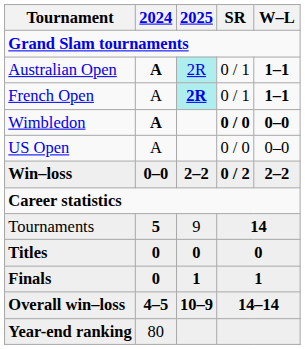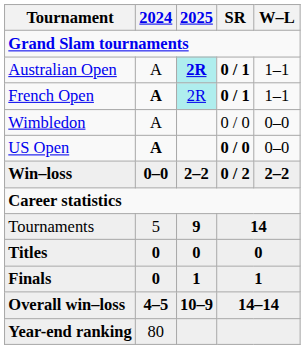 <table class=wikitable style=text-align:center>
 <tr>
 <th>Tournament</th>
 <th><a href='#'>2024</a></th>
 <th><a href='#'>2025</a></th>
 <th>SR</th>
 <th width=38>W–L</th>
 </tr>
 <tr>
 <td colspan="6" align="left"><strong><a href='#'>Grand Slam tournaments</a></strong></td>
 </tr>
 <tr>
 <td align=left><a href='#'>Australian Open</a></td>
-<td><strong>A</strong></td>
-<td bgcolor=afeeee><a href='#'>2R</a></td>
-<td>0 / 1</td>
-<td><strong>1–1</strong></td>
+<td>A</td>
+<td bgcolor=afeeee><strong><a href='#'>2R</a></strong></td>
+<td><strong>0 / 1</strong></td>
+<td>1–1</td>
 </tr>
 <tr>
 <td align=left><a href='#'>French Open</a></td>
-<td>A</td>
-<td bgcolor=afeeee><strong><a href='#'>2R</a></strong></td>
-<td>0 / 1</td>
-<td><strong>1–1</strong></td>
+<td><strong>A</strong></td>
+<td bgcolor=afeeee><a href='#'>2R</a></td>
+<td><strong>0 / 1</strong></td>
+<td>1–1</td>
 </tr>
 <tr>
 <td align=left><a href='#'>Wimbledon</a></td>
+<td>A</td>
+<td></td>
+<td>0 / 0</td>
+<td>0–0</td>
+</tr>
+<tr>
+<td align=left><a href='#'>US Open</a></td>
 <td><strong>A</strong></td>
 <td></td>
 <td><strong>0 / 0</strong></td>
-<td><strong>0–0</strong></td>
-</tr>
-<tr>
-<td align=left><a href='#'>US Open</a></td>
-<td>A</td>
-<td></td>
-<td>0 / 0</td>
 <td>0–0</td>
 </tr>
 <tr style=font-weight:bold;background:#efefef>
 <td style=text-align:left>Win–loss</td>
 <td>0–0</td>
 <td>2–2</td>
 <td>0 / 2</td>
 <td>2–2</td>
 </tr>
 <tr>
 <td colspan="6" align="left"><strong>Career statistics</strong></td>
 </tr>
 <tr bgcolor=efefef>
 <td align=left>Tournaments</td>
-<td><strong>5</strong></td>
-<td>9</td>
+<td>5</td>
+<td><strong>9</strong></td>
 <td colspan="2"><strong>14</strong></td>
 </tr>
 <tr style=font-weight:bold;background:#efefef>
 <td style=text-align:left>Titles</td>
 <td>0</td>
 <td>0</td>
 <td colspan="2">0</td>
 </tr>
 <tr style=font-weight:bold;background:#efefef>
 <td style=text-align:left>Finals</td>
 <td>0</td>
 <td>1</td>
 <td colspan="2">1</td>
 </tr>
 <tr style=font-weight:bold;background:#efefef>
 <td style=text-align:left>Overall win–loss</td>
 <td>4–5</td>
 <td>10–9</td>
 <td colspan="2">14–14</td>
 </tr>
 <tr bgcolor=efefef>
 <td align=left><strong>Year-end ranking</strong></td>
 <td>80</td>
 <td></td>
 <td colspan="2"><strong></strong></td>
 </tr>
 </table>
